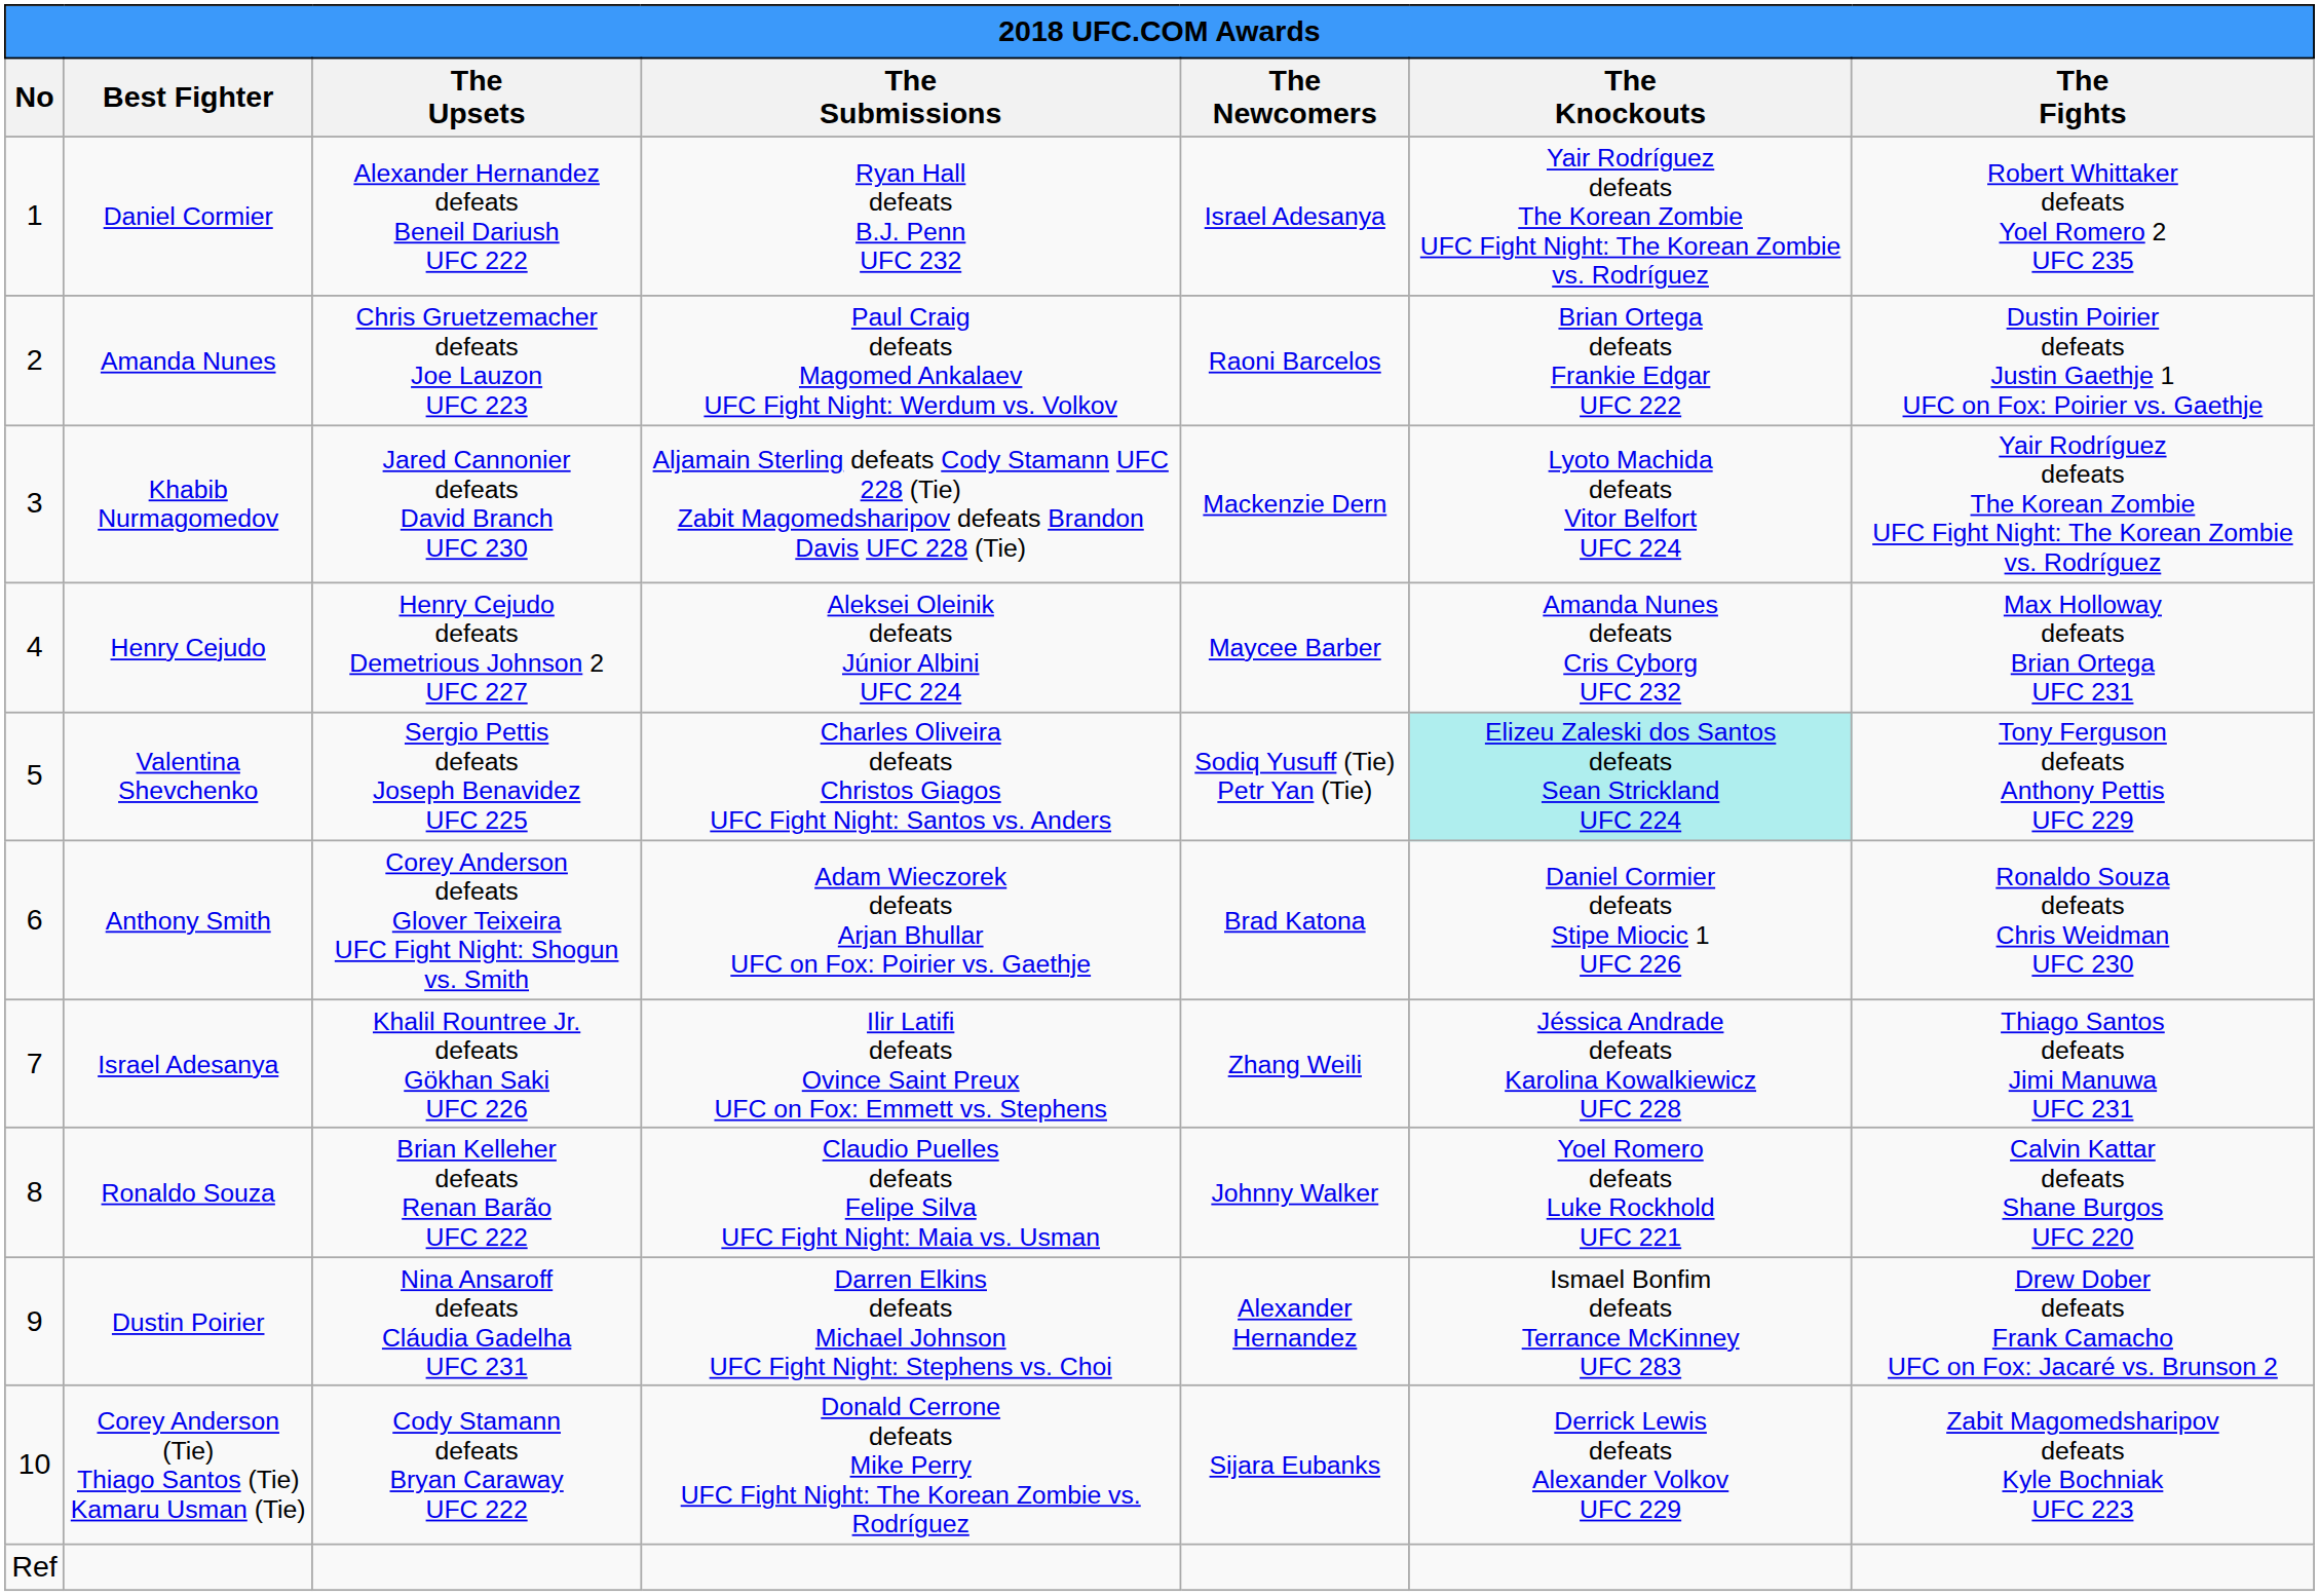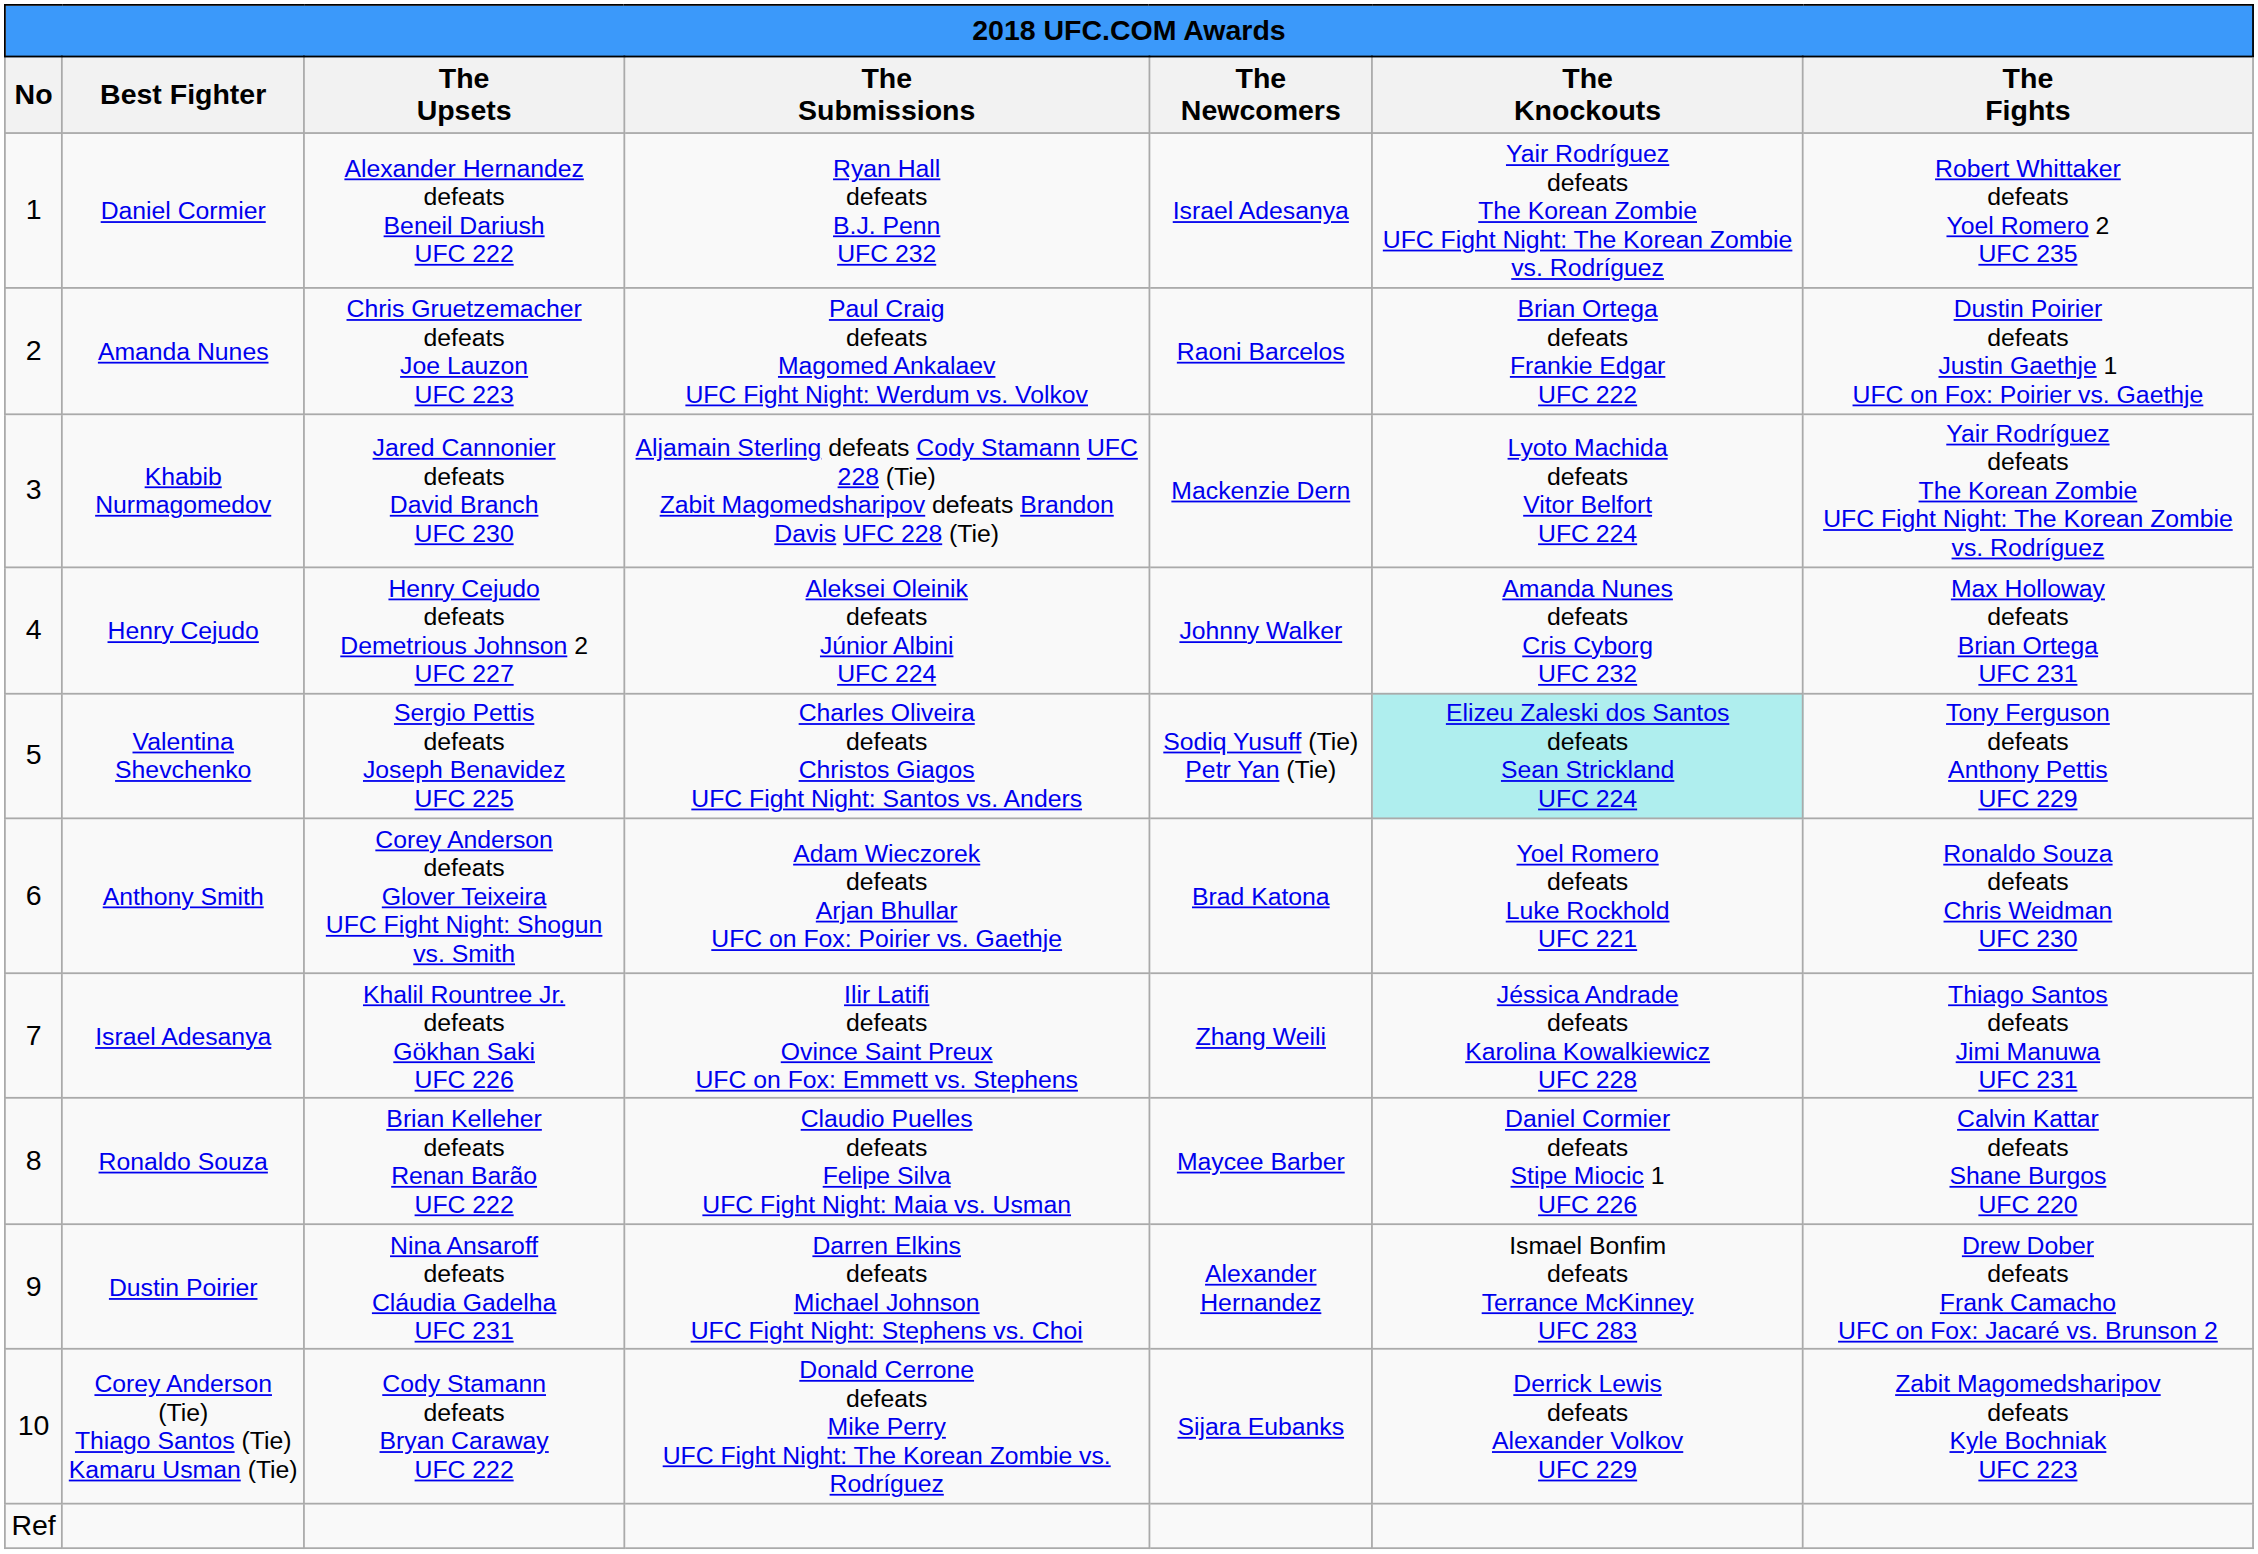 <table class="wikitable" width="100%" style="text-align:Center">
 <tr>
 <th colspan="7" style="border: 1px solid black; padding: 5px; background: #3B99FA;">2018 UFC.COM Awards</th>
 </tr>
 <tr>
 <th>No</th>
 <th>Best Fighter</th>
 <th>The<br>Upsets</th>
 <th>The<br>Submissions</th>
 <th>The Newcomers</th>
 <th>The<br>Knockouts</th>
 <th>The<br>Fights</th>
 </tr>
 <tr>
 <td>1</td>
 <td style="font-size:87%"><a href='#'>Daniel Cormier</a></td>
 <td style="font-size:87%"><a href='#'>Alexander Hernandez</a> <br> defeats <br> <a href='#'>Beneil Dariush</a> <br> <a href='#'>UFC 222</a></td>
 <td style="font-size:87%"><a href='#'>Ryan Hall</a> <br> defeats <br> <a href='#'>B.J. Penn</a> <br> <a href='#'>UFC 232</a></td>
 <td style="font-size:87%"><a href='#'>Israel Adesanya</a></td>
 <td style="font-size:87%"><a href='#'>Yair Rodríguez</a> <br> defeats <br> <a href='#'>The Korean Zombie</a> <br> <a href='#'>UFC Fight Night: The Korean Zombie vs. Rodríguez</a></td>
 <td style="font-size:87%"><a href='#'>Robert Whittaker</a> <br> defeats <br> <a href='#'>Yoel Romero</a> 2 <br> <a href='#'>UFC 235</a></td>
 </tr>
 <tr>
 <td>2</td>
 <td style="font-size:87%"><a href='#'>Amanda Nunes</a></td>
 <td style="font-size:87%"><a href='#'>Chris Gruetzemacher</a> <br> defeats <br> <a href='#'>Joe Lauzon</a> <br> <a href='#'>UFC 223</a></td>
 <td style="font-size:87%"><a href='#'>Paul Craig</a> <br> defeats  <br> <a href='#'>Magomed Ankalaev</a> <br> <a href='#'>UFC Fight Night: Werdum vs. Volkov</a></td>
 <td style="font-size:87%"><a href='#'>Raoni Barcelos</a></td>
 <td style="font-size:87%"><a href='#'>Brian Ortega</a> <br> defeats <br> <a href='#'>Frankie Edgar</a> <br> <a href='#'>UFC 222</a></td>
 <td style="font-size:87%"><a href='#'>Dustin Poirier</a> <br> defeats <br> <a href='#'>Justin Gaethje</a> 1 <br> <a href='#'>UFC on Fox: Poirier vs. Gaethje</a></td>
 </tr>
 <tr>
 <td>3</td>
 <td style="font-size:87%"><a href='#'>Khabib Nurmagomedov</a></td>
 <td style="font-size:87%"><a href='#'>Jared Cannonier</a> <br> defeats  <br> <a href='#'>David Branch</a> <br> <a href='#'>UFC 230</a></td>
 <td style="font-size:87%"><a href='#'>Aljamain Sterling</a> defeats <a href='#'>Cody Stamann</a> <a href='#'>UFC 228</a> (Tie) <br> <a href='#'>Zabit Magomedsharipov</a> defeats <a href='#'>Brandon Davis</a> <a href='#'>UFC 228</a> (Tie)</td>
 <td style="font-size:87%"><a href='#'>Mackenzie Dern</a></td>
 <td style="font-size:87%"><a href='#'>Lyoto Machida</a> <br> defeats <br> <a href='#'>Vitor Belfort</a> <br> <a href='#'>UFC 224</a></td>
 <td style="font-size:87%"><a href='#'>Yair Rodríguez</a> <br> defeats <br> <a href='#'>The Korean Zombie</a> <br> <a href='#'>UFC Fight Night: The Korean Zombie vs. Rodríguez</a></td>
 </tr>
 <tr>
 <td>4</td>
 <td style="font-size:87%"><a href='#'>Henry Cejudo</a></td>
 <td style="font-size:87%"><a href='#'>Henry Cejudo</a> <br> defeats <br> <a href='#'>Demetrious Johnson</a> 2<br> <a href='#'>UFC 227</a></td>
 <td style="font-size:87%"><a href='#'>Aleksei Oleinik</a> <br> defeats <br> <a href='#'>Júnior Albini</a> <br> <a href='#'>UFC 224</a></td>
-<td style="font-size:87%"><a href='#'>Maycee Barber</a></td>
+<td style="font-size:87%"><a href='#'>Johnny Walker</a></td>
 <td style="font-size:87%"><a href='#'>Amanda Nunes</a> <br> defeats <br> <a href='#'>Cris Cyborg</a> <br> <a href='#'>UFC 232</a></td>
 <td style="font-size:87%"><a href='#'>Max Holloway</a> <br> defeats <br> <a href='#'>Brian Ortega</a> <br> <a href='#'>UFC 231</a></td>
 </tr>
 <tr>
 <td>5</td>
 <td style="font-size:87%"><a href='#'>Valentina Shevchenko</a></td>
 <td style="font-size:87%"><a href='#'>Sergio Pettis</a> <br> defeats <br> <a href='#'>Joseph Benavidez</a> <br> <a href='#'>UFC 225</a></td>
 <td style="font-size:87%"><a href='#'>Charles Oliveira</a> <br> defeats <br> <a href='#'>Christos Giagos</a> <br> <a href='#'>UFC Fight Night: Santos vs. Anders</a></td>
 <td style="font-size:87%"><a href='#'>Sodiq Yusuff</a> (Tie) <br> <a href='#'>Petr Yan</a> (Tie)</td>
 <td style="background: paleturquoise; font-size:87%"><a href='#'>Elizeu Zaleski dos Santos</a> <br> defeats <br> <a href='#'>Sean Strickland</a><br> <a href='#'>UFC 224</a></td>
 <td style="font-size:87%"><a href='#'>Tony Ferguson</a> <br> defeats <br> <a href='#'>Anthony Pettis</a>  <br> <a href='#'>UFC 229</a></td>
 </tr>
 <tr>
 <td>6</td>
 <td style="font-size:87%"><a href='#'>Anthony Smith</a></td>
 <td style="font-size:87%"><a href='#'>Corey Anderson</a> <br> defeats <br> <a href='#'>Glover Teixeira</a> <br> <a href='#'>UFC Fight Night: Shogun vs. Smith</a></td>
 <td style="font-size:87%"><a href='#'>Adam Wieczorek</a> <br> defeats <br> <a href='#'>Arjan Bhullar</a> <br> <a href='#'>UFC on Fox: Poirier vs. Gaethje</a></td>
 <td style="font-size:87%"><a href='#'>Brad Katona</a></td>
-<td style="font-size:87%"><a href='#'>Daniel Cormier</a> <br> defeats <br> <a href='#'>Stipe Miocic</a> 1<br> <a href='#'>UFC 226</a></td>
+<td style="font-size:87%"><a href='#'>Yoel Romero</a> <br> defeats <br> <a href='#'>Luke Rockhold</a> <br> <a href='#'>UFC 221</a></td>
 <td style="font-size:87%"><a href='#'>Ronaldo Souza</a> <br> defeats <br> <a href='#'>Chris Weidman</a> <br> <a href='#'>UFC 230</a></td>
 </tr>
 <tr>
 <td>7</td>
 <td style="font-size:87%"><a href='#'>Israel Adesanya</a></td>
 <td style="font-size:87%"><a href='#'>Khalil Rountree Jr.</a> <br> defeats <br> <a href='#'>Gökhan Saki</a> <br> <a href='#'>UFC 226</a></td>
 <td style="font-size:87%"><a href='#'>Ilir Latifi</a> <br> defeats <br> <a href='#'>Ovince Saint Preux</a> <br> <a href='#'>UFC on Fox: Emmett vs. Stephens</a></td>
 <td style="font-size:87%"><a href='#'>Zhang Weili</a></td>
 <td style="font-size:87%"><a href='#'>Jéssica Andrade</a> <br> defeats <br> <a href='#'>Karolina Kowalkiewicz</a> <br> <a href='#'>UFC 228</a></td>
 <td style="font-size:87%"><a href='#'>Thiago Santos</a> <br> defeats <br> <a href='#'>Jimi Manuwa</a> <br> <a href='#'>UFC 231</a></td>
 </tr>
 <tr>
 <td>8</td>
 <td style="font-size:87%"><a href='#'>Ronaldo Souza</a></td>
 <td style="font-size:87%"><a href='#'>Brian Kelleher</a> <br> defeats <br> <a href='#'>Renan Barão</a> <br> <a href='#'>UFC 222</a></td>
 <td style="font-size:87%"><a href='#'>Claudio Puelles</a> <br> defeats <br> <a href='#'>Felipe Silva</a> <br> <a href='#'>UFC Fight Night: Maia vs. Usman</a></td>
-<td style="font-size:87%"><a href='#'>Johnny Walker</a></td>
-<td style="font-size:87%"><a href='#'>Yoel Romero</a> <br> defeats <br> <a href='#'>Luke Rockhold</a> <br> <a href='#'>UFC 221</a></td>
+<td style="font-size:87%"><a href='#'>Maycee Barber</a></td>
+<td style="font-size:87%"><a href='#'>Daniel Cormier</a> <br> defeats <br> <a href='#'>Stipe Miocic</a> 1<br> <a href='#'>UFC 226</a></td>
 <td style="font-size:87%"><a href='#'>Calvin Kattar</a> <br> defeats <br> <a href='#'>Shane Burgos</a><br> <a href='#'>UFC 220</a></td>
 </tr>
 <tr>
 <td>9</td>
 <td style="font-size:87%"><a href='#'>Dustin Poirier</a></td>
 <td style="font-size:87%"><a href='#'>Nina Ansaroff</a> <br> defeats <br>  <a href='#'>Cláudia Gadelha</a> <br> <a href='#'>UFC 231</a></td>
 <td style="font-size:87%"><a href='#'>Darren Elkins</a> <br> defeats <br> <a href='#'>Michael Johnson</a> <br> <a href='#'>UFC Fight Night: Stephens vs. Choi</a></td>
 <td style="font-size:87%"><a href='#'>Alexander Hernandez</a></td>
 <td style="font-size:87%">Ismael Bonfim <br> defeats <br> <a href='#'>Terrance McKinney</a> <br> <a href='#'>UFC 283</a></td>
 <td style="font-size:87%"><a href='#'>Drew Dober</a> <br> defeats <br> <a href='#'>Frank Camacho</a> <br> <a href='#'>UFC on Fox: Jacaré vs. Brunson 2</a></td>
 </tr>
 <tr>
 <td>10</td>
 <td style="font-size:87%"><a href='#'>Corey Anderson</a> (Tie) <br> <a href='#'>Thiago Santos</a> (Tie) <br> <a href='#'>Kamaru Usman</a> (Tie)</td>
 <td style="font-size:87%"><a href='#'>Cody Stamann</a><br> defeats <br> <a href='#'>Bryan Caraway</a> <br> <a href='#'>UFC 222</a></td>
 <td style="font-size:87%"><a href='#'>Donald Cerrone</a><br> defeats <br> <a href='#'>Mike Perry</a> <br> <a href='#'>UFC Fight Night: The Korean Zombie vs. Rodríguez</a></td>
 <td style="font-size:87%"><a href='#'>Sijara Eubanks</a></td>
 <td style="font-size:87%"><a href='#'>Derrick Lewis</a><br> defeats <br> <a href='#'>Alexander Volkov</a> <br> <a href='#'>UFC 229</a></td>
 <td style="font-size:87%"><a href='#'>Zabit Magomedsharipov</a> <br> defeats <br> <a href='#'>Kyle Bochniak</a> <br> <a href='#'>UFC 223</a></td>
 </tr>
 <tr>
 <td>Ref</td>
 <td></td>
 <td></td>
 <td></td>
 <td></td>
 <td></td>
 <td></td>
 </tr>
 </table>
